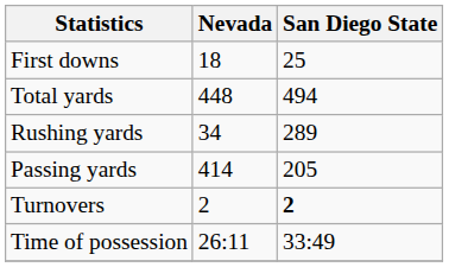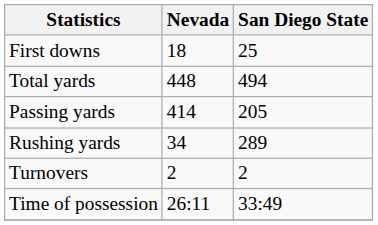 <table class="wikitable">
 <tr>
 <th>Statistics</th>
 <th>Nevada</th>
 <th>San Diego State</th>
 </tr>
 <tr>
 <td>First downs</td>
 <td>18</td>
 <td>25</td>
 </tr>
 <tr>
 <td>Total yards</td>
 <td>448</td>
 <td>494</td>
 </tr>
 <tr>
+<td>Passing yards</td>
+<td>414</td>
+<td>205</td>
+</tr>
+<tr>
 <td>Rushing yards</td>
 <td>34</td>
 <td>289</td>
 </tr>
 <tr>
-<td>Passing yards</td>
-<td>414</td>
-<td>205</td>
-</tr>
-<tr>
 <td>Turnovers</td>
 <td>2</td>
-<td><strong>2</strong></td>
+<td>2</td>
 </tr>
 <tr>
 <td>Time of possession</td>
 <td>26:11</td>
 <td>33:49</td>
 </tr>
 <tr>
 </tr>
 </table>
